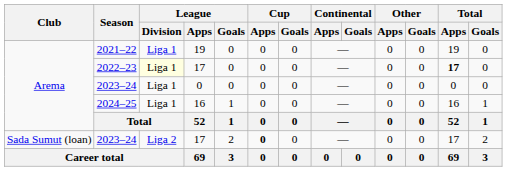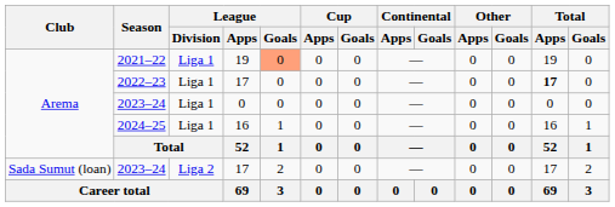 <table class="wikitable" style="text-align: center">
 <tr>
 <th rowspan="2">Club</th>
 <th rowspan="2">Season</th>
 <th colspan="3">League</th>
 <th colspan="2">Cup</th>
 <th colspan="2">Continental</th>
 <th colspan="2">Other</th>
 <th colspan="2">Total</th>
 </tr>
 <tr>
 <th>Division</th>
 <th>Apps</th>
 <th>Goals</th>
 <th>Apps</th>
 <th>Goals</th>
 <th>Apps</th>
 <th>Goals</th>
 <th>Apps</th>
 <th>Goals</th>
 <th>Apps</th>
 <th>Goals</th>
 </tr>
 <tr>
 <td rowspan="5"><a href='#'>Arema</a></td>
 <td><a href='#'>2021–22</a></td>
 <td rowspan="1" valign="center"><a href='#'>Liga 1</a></td>
 <td>19</td>
-<td>0</td>
+<td style="background: lightsalmon;">0</td>
 <td>0</td>
 <td>0</td>
 <td colspan="2">—</td>
 <td>0</td>
 <td>0</td>
 <td>19</td>
 <td>0</td>
 </tr>
 <tr>
 <td><a href='#'>2022–23</a></td>
-<td rowspan="1" valign="center" style="background: lightyellow;">Liga 1</td>
+<td rowspan="1" valign="center">Liga 1</td>
 <td>17</td>
 <td>0</td>
 <td>0</td>
 <td>0</td>
 <td colspan="2">—</td>
 <td>0</td>
 <td>0</td>
 <td><strong>17</strong></td>
 <td>0</td>
 </tr>
 <tr>
 <td><a href='#'>2023–24</a></td>
 <td>Liga 1</td>
 <td>0</td>
 <td>0</td>
 <td>0</td>
 <td>0</td>
 <td colspan="2">—</td>
 <td>0</td>
 <td>0</td>
 <td>0</td>
 <td>0</td>
 </tr>
 <tr>
 <td><a href='#'>2024–25</a></td>
 <td>Liga 1</td>
 <td>16</td>
 <td>1</td>
 <td>0</td>
 <td>0</td>
 <td colspan="2">—</td>
 <td>0</td>
 <td>0</td>
 <td>16</td>
 <td>1</td>
 </tr>
 <tr>
 <th colspan="2">Total</th>
 <th>52</th>
 <th>1</th>
 <th>0</th>
 <th>0</th>
 <th colspan="2">—</th>
 <th>0</th>
 <th>0</th>
 <th>52</th>
 <th>1</th>
 </tr>
 <tr>
 <td><a href='#'>Sada Sumut</a> (loan)</td>
 <td><a href='#'>2023–24</a></td>
 <td rowspan="1" valign="center"><a href='#'>Liga 2</a></td>
 <td>17</td>
 <td>2</td>
-<td><strong>0</strong></td>
+<td>0</td>
 <td>0</td>
 <td colspan="2">—</td>
 <td>0</td>
 <td>0</td>
 <td>17</td>
 <td>2</td>
 </tr>
 <tr>
 <th colspan=3>Career total</th>
 <th>69</th>
 <th>3</th>
 <th>0</th>
 <th>0</th>
 <th>0</th>
 <th>0</th>
 <th>0</th>
 <th>0</th>
 <th>69</th>
 <th>3</th>
 </tr>
 </table>
